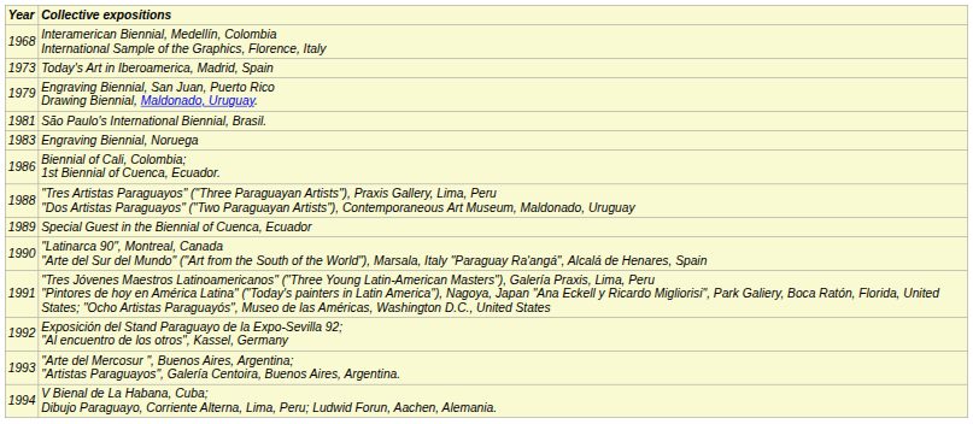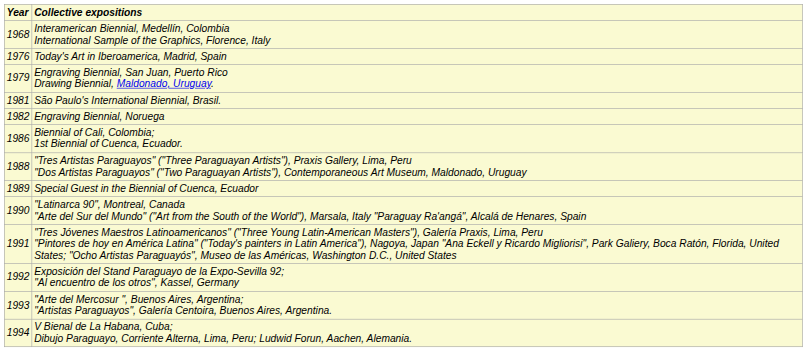 <table class="wikitable sortable"  style="font-style:italic; font-size:100%; background:#FAFAD2; color:black;">
 <tr>
 <td><strong>Year</strong></td>
 <td><strong>Collective expositions</strong></td>
 </tr>
 <tr ------>
 <td>1968</td>
 <td>Interamerican Biennial, Medellín, Colombia<br>International Sample of the Graphics, Florence, Italy</td>
 </tr>
 <tr ------>
-<td>1973</td>
+<td>1976</td>
 <td>Today's Art in Iberoamerica, Madrid, Spain</td>
 </tr>
 <tr ------>
 <td>1979</td>
 <td>Engraving Biennial, San Juan, Puerto Rico<br>Drawing Biennial, <a href='#'>Maldonado, Uruguay</a>.</td>
 </tr>
 <tr ------>
 <td>1981</td>
 <td>São Paulo's International Biennial, Brasil.</td>
 </tr>
 <tr ------>
-<td>1983</td>
+<td>1982</td>
 <td>Engraving Biennial, Noruega</td>
 </tr>
 <tr ------>
 <td>1986</td>
 <td>Biennial of Cali, Colombia;<br>1st Biennial of Cuenca, Ecuador.</td>
 </tr>
 <tr ------>
 <td>1988</td>
 <td>"Tres Artistas Paraguayos" ("Three Paraguayan Artists"), Praxis Gallery, Lima, Peru<br>"Dos Artistas Paraguayos" ("Two Paraguayan Artists"), Contemporaneous Art Museum, Maldonado, Uruguay</td>
 </tr>
 <tr ------>
 <td>1989</td>
 <td>Special Guest in the Biennial of Cuenca, Ecuador</td>
 </tr>
 <tr ------>
 <td>1990</td>
 <td>"Latinarca 90", Montreal, Canada<br>"Arte del Sur del Mundo" ("Art from the South of the World"), Marsala, Italy "Paraguay Ra'angá", Alcalá de Henares, Spain</td>
 </tr>
 <tr ------>
 <td>1991</td>
 <td>"Tres Jóvenes Maestros Latinoamericanos" ("Three Young Latin-American Masters"), Galería Praxis, Lima, Peru<br>"Pintores de hoy en América Latina" ("Today's painters in Latin America"), Nagoya, Japan "Ana Eckell y Ricardo Migliorisi", Park Galiery, Boca Ratón, Florida, United States; "Ocho Artistas Paraguayós", Museo de las Américas, Washington D.C., United States</td>
 </tr>
 <tr ------>
 <td>1992</td>
 <td>Exposición del Stand Paraguayo de la Expo-Sevilla 92;<br>"Al encuentro de los otros", Kassel, Germany</td>
 </tr>
 <tr ------>
 <td>1993</td>
 <td>"Arte del Mercosur ", Buenos Aires, Argentina;<br>"Artistas Paraguayos", Galería Centoira, Buenos Aires, Argentina.</td>
 </tr>
 <tr ------>
 <td>1994</td>
 <td>V Bienal de La Habana, Cuba;<br>Dibujo Paraguayo, Corriente Alterna, Lima, Peru; Ludwid Forun, Aachen, Alemania.</td>
 </tr>
 </table>
